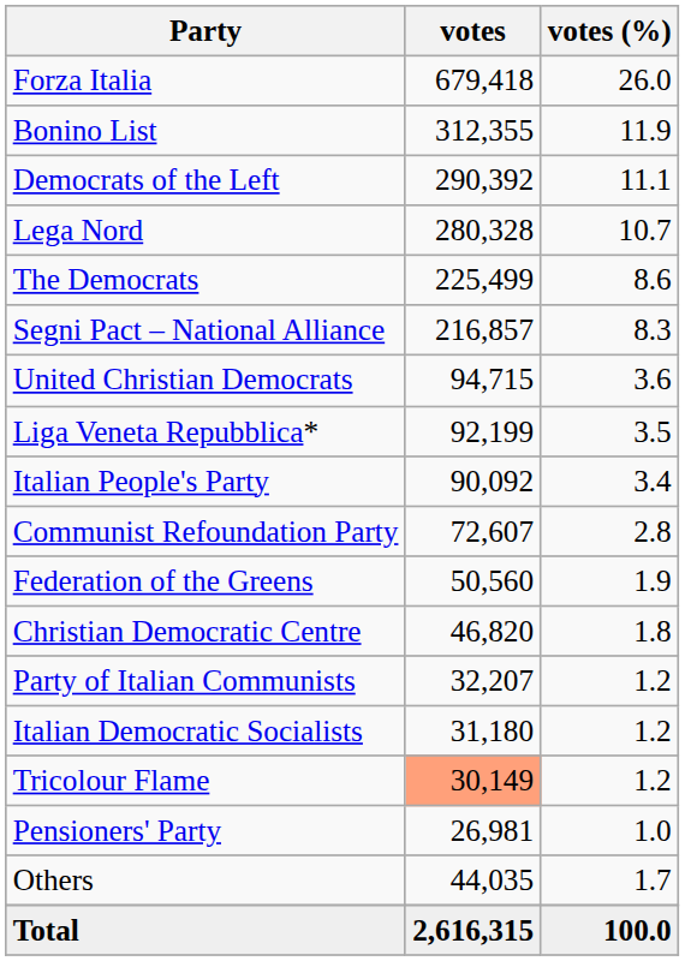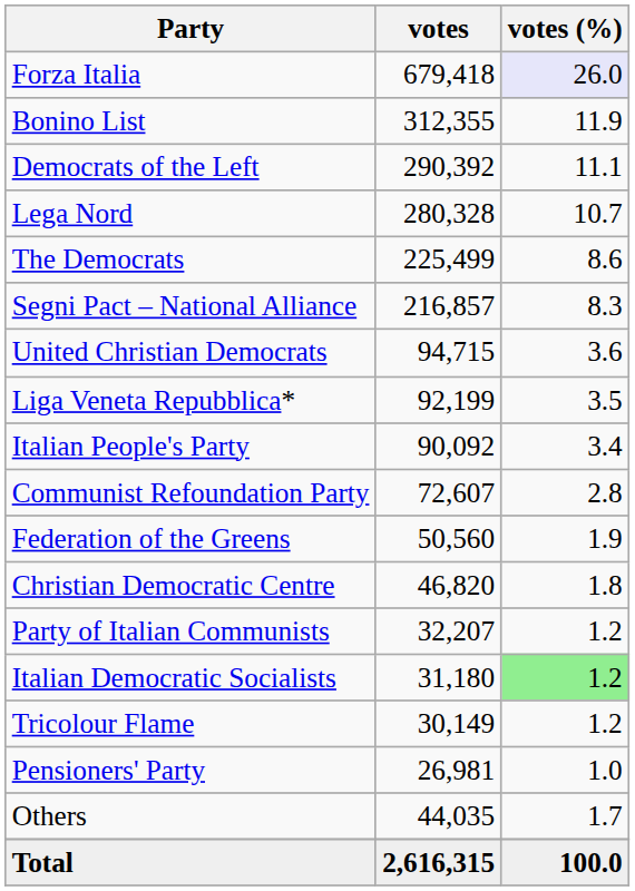 <table class="wikitable" style="font-size:95%">
 <tr bgcolor="EFEFEF">
 <th>Party</th>
 <th>votes</th>
 <th>votes (%)</th>
 </tr>
 <tr>
 <td><a href='#'>Forza Italia</a></td>
 <td align=right>679,418</td>
-<td align=right>26.0</td>
+<td align=right style="background: lavender;">26.0</td>
 </tr>
 <tr>
 <td><a href='#'>Bonino List</a></td>
 <td align=right>312,355</td>
 <td align=right>11.9</td>
 </tr>
 <tr>
 <td><a href='#'>Democrats of the Left</a></td>
 <td align=right>290,392</td>
 <td align=right>11.1</td>
 </tr>
 <tr>
 <td><a href='#'>Lega Nord</a></td>
 <td align=right>280,328</td>
 <td align=right>10.7</td>
 </tr>
 <tr>
 <td><a href='#'>The Democrats</a></td>
 <td align=right>225,499</td>
 <td align=right>8.6</td>
 </tr>
 <tr>
 <td><a href='#'>Segni Pact – National Alliance</a></td>
 <td align=right>216,857</td>
 <td align=right>8.3</td>
 </tr>
 <tr>
 <td><a href='#'>United Christian Democrats</a></td>
 <td align=right>94,715</td>
 <td align=right>3.6</td>
 </tr>
 <tr>
 <td><a href='#'>Liga Veneta Repubblica</a>*</td>
 <td align=right>92,199</td>
 <td align=right>3.5</td>
 </tr>
 <tr>
 <td><a href='#'>Italian People's Party</a></td>
 <td align=right>90,092</td>
 <td align=right>3.4</td>
 </tr>
 <tr>
 <td><a href='#'>Communist Refoundation Party</a></td>
 <td align=right>72,607</td>
 <td align=right>2.8</td>
 </tr>
 <tr>
 <td><a href='#'>Federation of the Greens</a></td>
 <td align=right>50,560</td>
 <td align=right>1.9</td>
 </tr>
 <tr>
 <td><a href='#'>Christian Democratic Centre</a></td>
 <td align=right>46,820</td>
 <td align=right>1.8</td>
 </tr>
 <tr>
 <td><a href='#'>Party of Italian Communists</a></td>
 <td align=right>32,207</td>
 <td align=right>1.2</td>
 </tr>
 <tr>
 <td><a href='#'>Italian Democratic Socialists</a></td>
 <td align=right>31,180</td>
-<td align=right>1.2</td>
+<td align=right style="background: lightgreen;">1.2</td>
 </tr>
 <tr>
 <td><a href='#'>Tricolour Flame</a></td>
-<td align=right style="background: lightsalmon;">30,149</td>
+<td align=right>30,149</td>
 <td align=right>1.2</td>
 </tr>
 <tr>
 <td><a href='#'>Pensioners' Party</a></td>
 <td align=right>26,981</td>
 <td align=right>1.0</td>
 </tr>
 <tr>
 <td>Others</td>
 <td align=right>44,035</td>
 <td align=right>1.7</td>
 </tr>
 <tr>
 </tr>
 <tr bgcolor="EFEFEF">
 <td><strong>Total</strong></td>
 <td align=right><strong>2,616,315</strong></td>
 <td align=right><strong>100.0</strong></td>
 </tr>
 </table>
